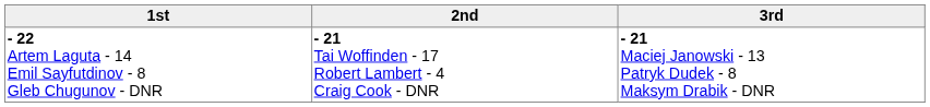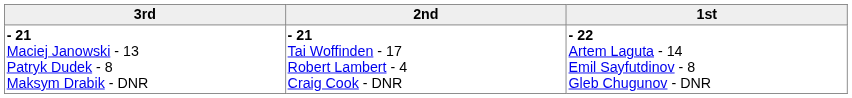 <table border="1" cellpadding="2" cellspacing="0"  style="width:75%; border-collapse:collapse;">
 <tr style="text-align:left; background:#efefef;">
+<th width=15% align=center >3rd</th>
+<th width=15% align=center >2nd</th>
 <th width=15% align=center >1st</th>
-<th width=15% align=center >2nd</th>
-<th width=15% align=center >3rd</th>
 </tr>
 <tr align=left>
+<td valign=top align=left ><strong> - 21</strong><br><a href='#'>Maciej Janowski</a> - 13<br><a href='#'>Patryk Dudek</a> - 8<br><a href='#'>Maksym Drabik</a> - DNR</td>
+<td valign=top align=left ><strong> - 21</strong><br><a href='#'>Tai Woffinden</a> - 17<br><a href='#'>Robert Lambert</a> - 4<br><a href='#'>Craig Cook</a> - DNR</td>
 <td valign=top align=left ><strong> - 22</strong><br><a href='#'>Artem Laguta</a> - 14<br><a href='#'>Emil Sayfutdinov</a> - 8<br><a href='#'>Gleb Chugunov</a> - DNR</td>
-<td valign=top align=left ><strong> - 21</strong><br><a href='#'>Tai Woffinden</a> - 17<br><a href='#'>Robert Lambert</a> - 4<br><a href='#'>Craig Cook</a> - DNR</td>
-<td valign=top align=left ><strong> - 21</strong><br><a href='#'>Maciej Janowski</a> - 13<br><a href='#'>Patryk Dudek</a> - 8<br><a href='#'>Maksym Drabik</a> - DNR</td>
 </tr>
 </table>
